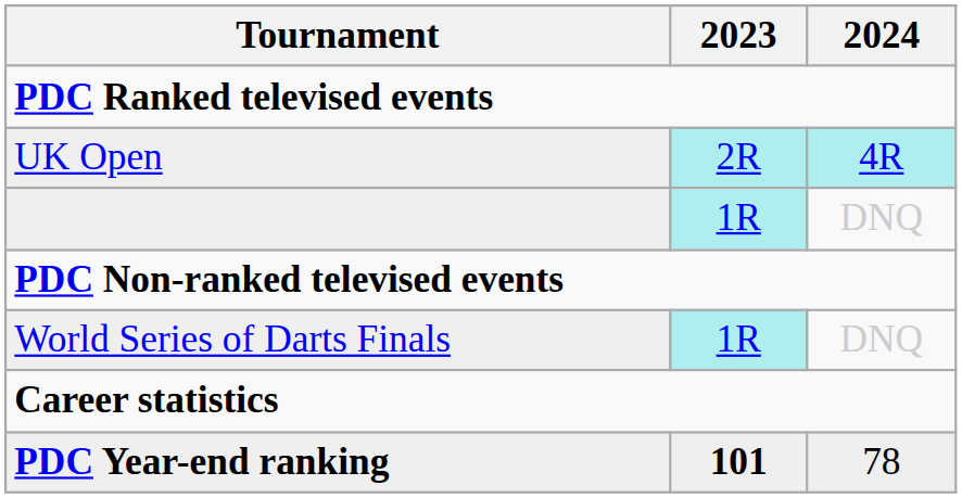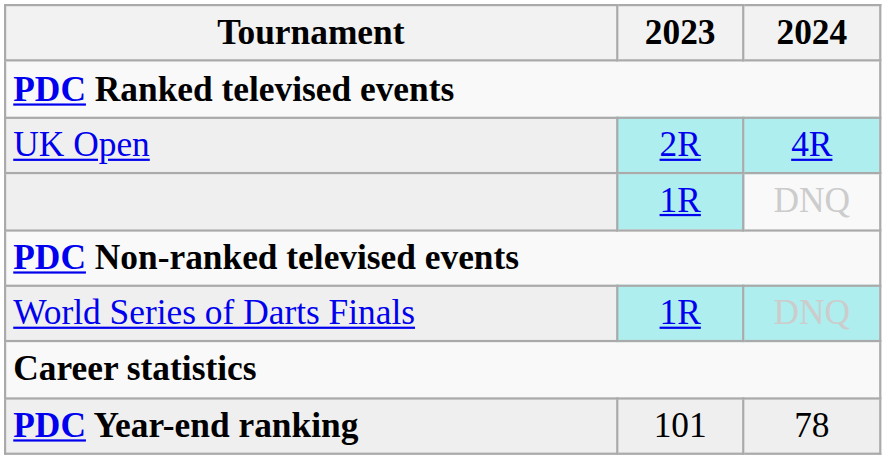 <table class="wikitable" style="width:20%; margin:0">
 <tr>
 <th>Tournament</th>
 <th>2023</th>
 <th>2024</th>
 </tr>
 <tr>
 <td colspan="31" align="left"><strong><a href='#'>PDC</a> Ranked televised events</strong></td>
 </tr>
 <tr>
 <td style="background:#efefef;"><a href='#'>UK Open</a></td>
 <td style="text-align:center; background:#afeeee;"><a href='#'>2R</a></td>
 <td style="text-align:center; background:#afeeee;"><a href='#'>4R</a></td>
 </tr>
 <tr>
 <td style="background:#efefef;"></td>
 <td style="text-align:center; background:#afeeee;"><a href='#'>1R</a></td>
 <td style="text-align:center; color:#ccc;">DNQ</td>
 </tr>
 <tr>
 <td colspan="21" align="left"><strong><a href='#'>PDC</a> Non-ranked televised events</strong></td>
 </tr>
 <tr>
 <td style="background:#efefef;"><a href='#'>World Series of Darts Finals</a></td>
 <td style="text-align:center; background:#afeeee;"><a href='#'>1R</a></td>
-<td style="text-align:center; color:#ccc;">DNQ</td>
+<td style="background: paleturquoise; text-align:center; color:#ccc;">DNQ</td>
 </tr>
 <tr>
 <td colspan="21" align="left"><strong>Career statistics</strong></td>
 </tr>
 <tr bgcolor="efefef">
 <td align="left"><strong><a href='#'>PDC</a> Year-end ranking</strong></td>
-<td style="text-align:center;"><strong>101<br></strong></td>
+<td style="text-align:center;">101<br></td>
 <td style="text-align:center;">78</td>
 </tr>
 </table>
